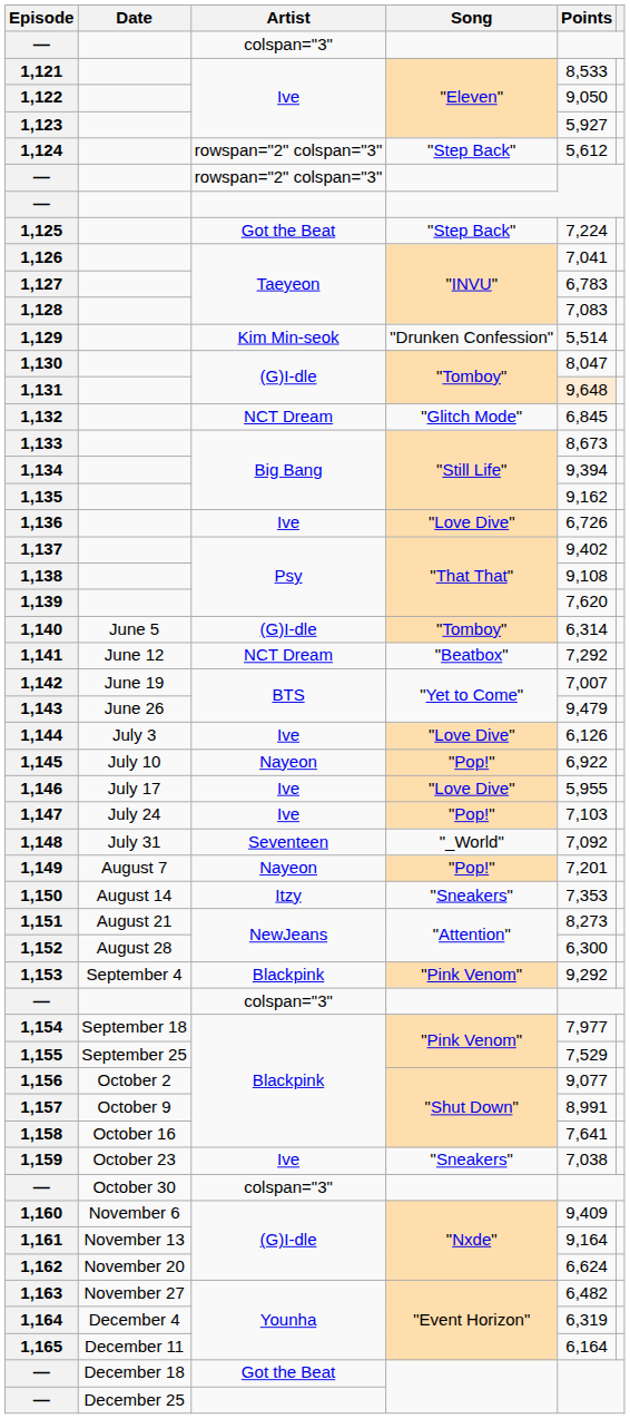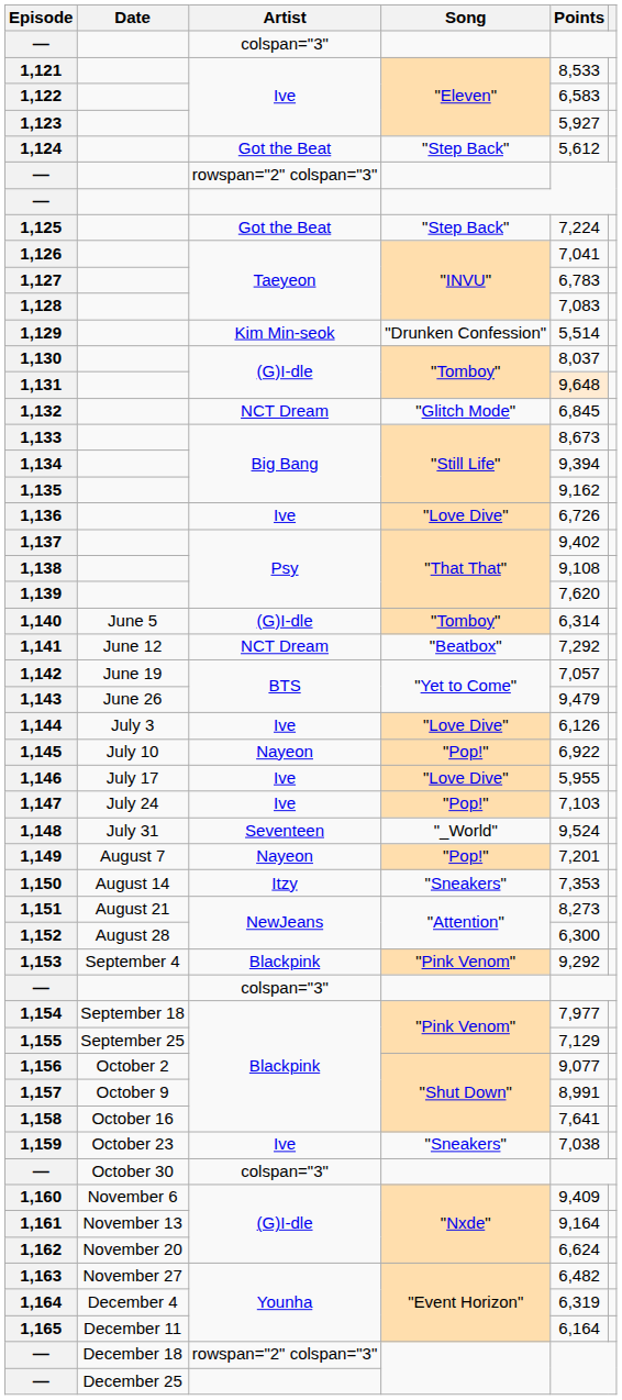 <table class="wikitable sortable plainrowheaders" style=text-align:center>
 <tr>
 <th scope="col">Episode</th>
 <th scope="col">Date</th>
 <th scope="col">Artist</th>
 <th scope="col">Song</th>
 <th scope="col">Points</th>
 <th scope="col" class="unsortable"></th>
 </tr>
 <tr>
 <th scope="row">—</th>
 <td></td>
 <td>colspan="3" </td>
 <td></td>
 </tr>
 <tr>
 <th scope="row">1,121</th>
 <td></td>
 <td rowspan="3"><a href='#'>Ive</a></td>
 <td style="background-color:#FFDEAD" rowspan="3">"<a href='#'>Eleven</a>" </td>
 <td>8,533</td>
 <td></td>
 </tr>
 <tr>
 <th scope="row">1,122</th>
 <td></td>
-<td>9,050</td>
+<td>6,583</td>
 <td></td>
 </tr>
 <tr>
 <th scope="row">1,123</th>
 <td></td>
 <td>5,927</td>
 <td></td>
 </tr>
 <tr>
 <th scope="row">1,124</th>
 <td></td>
-<td>rowspan="2" colspan="3" </td>
+<td><a href='#'>Got the Beat</a></td>
 <td>"<a href='#'>Step Back</a>"</td>
 <td>5,612</td>
 <td></td>
 </tr>
 <tr>
 <th scope="row">—</th>
 <td></td>
 <td>rowspan="2" colspan="3" </td>
 <td></td>
 </tr>
 <tr>
 <th scope="row">—</th>
 <td></td>
 <td></td>
 </tr>
 <tr>
 <th scope="row">1,125</th>
 <td></td>
 <td><a href='#'>Got the Beat</a></td>
 <td>"<a href='#'>Step Back</a>"</td>
 <td>7,224</td>
 <td></td>
 </tr>
 <tr>
 <th scope="row">1,126</th>
 <td></td>
 <td rowspan="3"><a href='#'>Taeyeon</a></td>
 <td style="background-color:#FFDEAD" rowspan="3">"<a href='#'>INVU</a>" </td>
 <td>7,041</td>
 <td></td>
 </tr>
 <tr>
 <th scope="row">1,127</th>
 <td></td>
 <td>6,783</td>
 <td></td>
 </tr>
 <tr>
 <th scope="row">1,128</th>
 <td></td>
 <td>7,083</td>
 <td></td>
 </tr>
 <tr>
 <th scope="row">1,129</th>
 <td></td>
 <td><a href='#'>Kim Min-seok</a></td>
 <td>"Drunken Confession"</td>
 <td>5,514</td>
 <td></td>
 </tr>
 <tr>
 <th scope="row">1,130</th>
 <td></td>
 <td rowspan="2"><a href='#'>(G)I-dle</a></td>
 <td style="background-color:#FFDEAD" rowspan="2">"<a href='#'>Tomboy</a>" </td>
-<td>8,047</td>
+<td>8,037</td>
 <td></td>
 </tr>
 <tr>
 <th scope="row">1,131</th>
 <td></td>
 <td style="background-color:#FFEBD2">9,648  </td>
 <td></td>
 </tr>
 <tr>
 <th scope="row">1,132</th>
 <td></td>
 <td><a href='#'>NCT Dream</a></td>
 <td>"<a href='#'>Glitch Mode</a>"</td>
 <td>6,845</td>
 <td></td>
 </tr>
 <tr>
 <th scope="row">1,133</th>
 <td></td>
 <td rowspan="3"><a href='#'>Big Bang</a></td>
 <td style="background-color:#FFDEAD" rowspan="3">"<a href='#'>Still Life</a>" </td>
 <td>8,673</td>
 <td></td>
 </tr>
 <tr>
 <th scope="row">1,134</th>
 <td></td>
 <td>9,394</td>
 <td></td>
 </tr>
 <tr>
 <th scope="row">1,135</th>
 <td></td>
 <td>9,162</td>
 <td></td>
 </tr>
 <tr>
 <th scope="row">1,136</th>
 <td></td>
 <td><a href='#'>Ive</a></td>
 <td style="background-color:#FFDEAD">"<a href='#'>Love Dive</a>" </td>
 <td>6,726</td>
 <td></td>
 </tr>
 <tr>
 <th scope="row">1,137</th>
 <td></td>
 <td rowspan="3"><a href='#'>Psy</a></td>
 <td style="background-color:#FFDEAD" rowspan="3">"<a href='#'>That That</a>" </td>
 <td>9,402</td>
 <td></td>
 </tr>
 <tr>
 <th scope="row">1,138</th>
 <td></td>
 <td>9,108</td>
 <td></td>
 </tr>
 <tr>
 <th scope="row">1,139</th>
 <td></td>
 <td>7,620</td>
 <td></td>
 </tr>
 <tr>
 <th scope="row">1,140</th>
 <td>June 5</td>
 <td><a href='#'>(G)I-dle</a></td>
 <td style="background-color:#FFDEAD">"<a href='#'>Tomboy</a>" </td>
 <td>6,314</td>
 <td></td>
 </tr>
 <tr>
 <th scope="row">1,141</th>
 <td>June 12</td>
 <td><a href='#'>NCT Dream</a></td>
 <td>"<a href='#'>Beatbox</a>"</td>
 <td>7,292</td>
 <td></td>
 </tr>
 <tr>
 <th scope="row">1,142</th>
 <td>June 19</td>
 <td rowspan="2"><a href='#'>BTS</a></td>
 <td rowspan="2">"<a href='#'>Yet to Come</a>"</td>
-<td>7,007</td>
+<td>7,057</td>
 <td></td>
 </tr>
 <tr>
 <th scope="row">1,143</th>
 <td>June 26</td>
 <td>9,479</td>
 <td></td>
 </tr>
 <tr>
 <th scope="row">1,144</th>
 <td>July 3</td>
 <td><a href='#'>Ive</a></td>
 <td style="background-color:#FFDEAD">"<a href='#'>Love Dive</a>" </td>
 <td>6,126</td>
 <td></td>
 </tr>
 <tr>
 <th scope="row">1,145</th>
 <td>July 10</td>
 <td><a href='#'>Nayeon</a></td>
 <td style="background-color:#FFDEAD">"<a href='#'>Pop!</a>" </td>
 <td>6,922</td>
 <td></td>
 </tr>
 <tr>
 <th scope="row">1,146</th>
 <td>July 17</td>
 <td><a href='#'>Ive</a></td>
 <td style="background-color:#FFDEAD">"<a href='#'>Love Dive</a>" </td>
 <td>5,955</td>
 <td></td>
 </tr>
 <tr>
 <th scope="row">1,147</th>
 <td>July 24</td>
 <td><a href='#'>Ive</a></td>
 <td style="background-color:#FFDEAD">"<a href='#'>Pop!</a>" </td>
 <td>7,103</td>
 <td></td>
 </tr>
 <tr>
 <th scope="row">1,148</th>
 <td>July 31</td>
 <td><a href='#'>Seventeen</a></td>
 <td>"_World"</td>
-<td>7,092</td>
+<td>9,524</td>
 <td></td>
 </tr>
 <tr>
 <th scope="row">1,149</th>
 <td>August 7</td>
 <td><a href='#'>Nayeon</a></td>
 <td style="background-color:#FFDEAD">"<a href='#'>Pop!</a>" </td>
 <td>7,201</td>
 <td></td>
 </tr>
 <tr>
 <th scope="row">1,150</th>
 <td>August 14</td>
 <td><a href='#'>Itzy</a></td>
 <td>"<a href='#'>Sneakers</a>"</td>
 <td>7,353</td>
 <td></td>
 </tr>
 <tr>
 <th scope="row">1,151</th>
 <td>August 21</td>
 <td rowspan="2"><a href='#'>NewJeans</a></td>
 <td rowspan="2">"<a href='#'>Attention</a>"</td>
 <td>8,273</td>
 <td></td>
 </tr>
 <tr>
 <th scope="row">1,152</th>
 <td>August 28</td>
 <td>6,300</td>
 <td></td>
 </tr>
 <tr>
 <th scope="row">1,153</th>
 <td>September 4</td>
 <td><a href='#'>Blackpink</a></td>
 <td style="background-color:#FFDEAD">"<a href='#'>Pink Venom</a>" </td>
 <td>9,292</td>
 <td></td>
 </tr>
 <tr>
 <th scope="row">—</th>
 <td></td>
 <td>colspan="3" </td>
 <td></td>
 </tr>
 <tr>
 <th scope="row">1,154</th>
 <td>September 18</td>
 <td rowspan="5"><a href='#'>Blackpink</a></td>
 <td rowspan="2" style="background-color:#FFDEAD">"<a href='#'>Pink Venom</a>" </td>
 <td>7,977</td>
 <td></td>
 </tr>
 <tr>
 <th scope="row">1,155</th>
 <td>September 25</td>
-<td>7,529</td>
+<td>7,129</td>
 <td></td>
 </tr>
 <tr>
 <th scope="row">1,156</th>
 <td>October 2</td>
 <td style="background-color:#FFDEAD" rowspan="3">"<a href='#'>Shut Down</a>" </td>
 <td>9,077</td>
 <td></td>
 </tr>
 <tr>
 <th scope="row">1,157</th>
 <td>October 9</td>
 <td>8,991</td>
 <td></td>
 </tr>
 <tr>
 <th scope="row">1,158</th>
 <td>October 16</td>
 <td>7,641</td>
 <td></td>
 </tr>
 <tr>
 <th scope="row">1,159</th>
 <td>October 23</td>
 <td><a href='#'>Ive</a></td>
 <td>"<a href='#'>Sneakers</a>"</td>
 <td>7,038</td>
 <td></td>
 </tr>
 <tr>
 <th scope="row">—</th>
 <td>October 30</td>
 <td>colspan="3" </td>
 <td></td>
 </tr>
 <tr>
 <th scope="row">1,160</th>
 <td>November 6</td>
 <td rowspan="3"><a href='#'>(G)I-dle</a></td>
 <td style="background-color:#FFDEAD" rowspan="3">"<a href='#'>Nxde</a>" </td>
 <td>9,409</td>
 <td></td>
 </tr>
 <tr>
 <th scope="row">1,161</th>
 <td>November 13</td>
 <td>9,164</td>
 <td></td>
 </tr>
 <tr>
 <th scope="row">1,162</th>
 <td>November 20</td>
 <td>6,624</td>
 <td></td>
 </tr>
 <tr>
 <th scope="row">1,163</th>
 <td>November 27</td>
 <td rowspan="3"><a href='#'>Younha</a></td>
 <td style="background-color:#FFDEAD" rowspan="3">"Event Horizon" </td>
 <td>6,482</td>
 <td></td>
 </tr>
 <tr>
 <th scope="row">1,164</th>
 <td>December 4</td>
 <td>6,319</td>
 <td></td>
 </tr>
 <tr>
 <th scope="row">1,165</th>
 <td>December 11</td>
 <td>6,164</td>
 <td></td>
 </tr>
 <tr>
 <th scope="row">—</th>
 <td>December 18</td>
-<td><a href='#'>Got the Beat</a></td>
+<td>rowspan="2" colspan="3" </td>
 <td rowspan="2"></td>
 </tr>
 <tr>
 <th scope="row">—</th>
 <td>December 25</td>
 </tr>
 </table>
